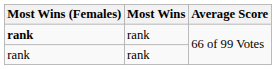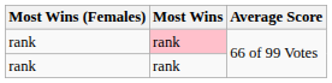 <table class="wikitable">
 <tr>
 <th>Most Wins (Females)</th>
 <th>Most Wins</th>
 <th>Average Score</th>
 </tr>
 <tr>
-<td><strong> rank</strong></td>
 <td> rank</td>
+<td style="background: pink;"> rank</td>
 <td rowspan=2>66 of 99 Votes</td>
 </tr>
 <tr>
 <td> rank</td>
 <td> rank</td>
 </tr>
 </table>
